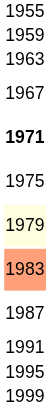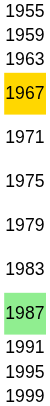 <table>
 <tr>
 <td>1955</td>
 <td></td>
 <td></td>
 <td></td>
 </tr>
 <tr>
 <td>1959</td>
 <td></td>
 <td></td>
 <td></td>
 </tr>
 <tr>
 <td>1963</td>
 <td></td>
 <td></td>
 <td></td>
 </tr>
 <tr>
-<td>1967</td>
+<td style="background: gold;">1967</td>
 <td></td>
 <td></td>
 <td><br><br></td>
 </tr>
 <tr>
-<td><strong>1971</strong></td>
+<td>1971</td>
 <td></td>
 <td></td>
 <td><br><br></td>
 </tr>
 <tr>
 <td>1975</td>
 <td></td>
 <td></td>
 <td><br><br></td>
 </tr>
 <tr>
-<td style="background: lightyellow;">1979</td>
+<td>1979</td>
 <td></td>
 <td></td>
 <td><br><br></td>
 </tr>
 <tr>
-<td style="background: lightsalmon;">1983</td>
+<td>1983</td>
 <td></td>
 <td></td>
 <td><br><br></td>
 </tr>
 <tr>
-<td>1987</td>
+<td style="background: lightgreen;">1987</td>
 <td></td>
 <td></td>
 <td><br><br></td>
 </tr>
 <tr>
 <td>1991</td>
 <td></td>
 <td></td>
 <td><br></td>
 </tr>
 <tr>
 <td>1995</td>
 <td></td>
 <td></td>
 <td><br></td>
 </tr>
 <tr>
 <td>1999</td>
 <td></td>
 <td></td>
 <td><br></td>
 </tr>
 </table>
